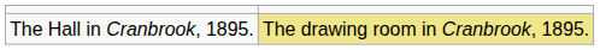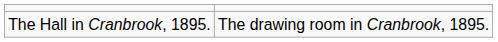 <table class="wikitable" border="1">
 <tr>
 <td></td>
 <td></td>
 </tr>
 <tr>
 <td>The Hall in <em>Cranbrook</em>, 1895.</td>
-<td style="background: khaki;">The drawing room in <em>Cranbrook</em>, 1895.</td>
+<td>The drawing room in <em>Cranbrook</em>, 1895.</td>
 </tr>
 </table>
